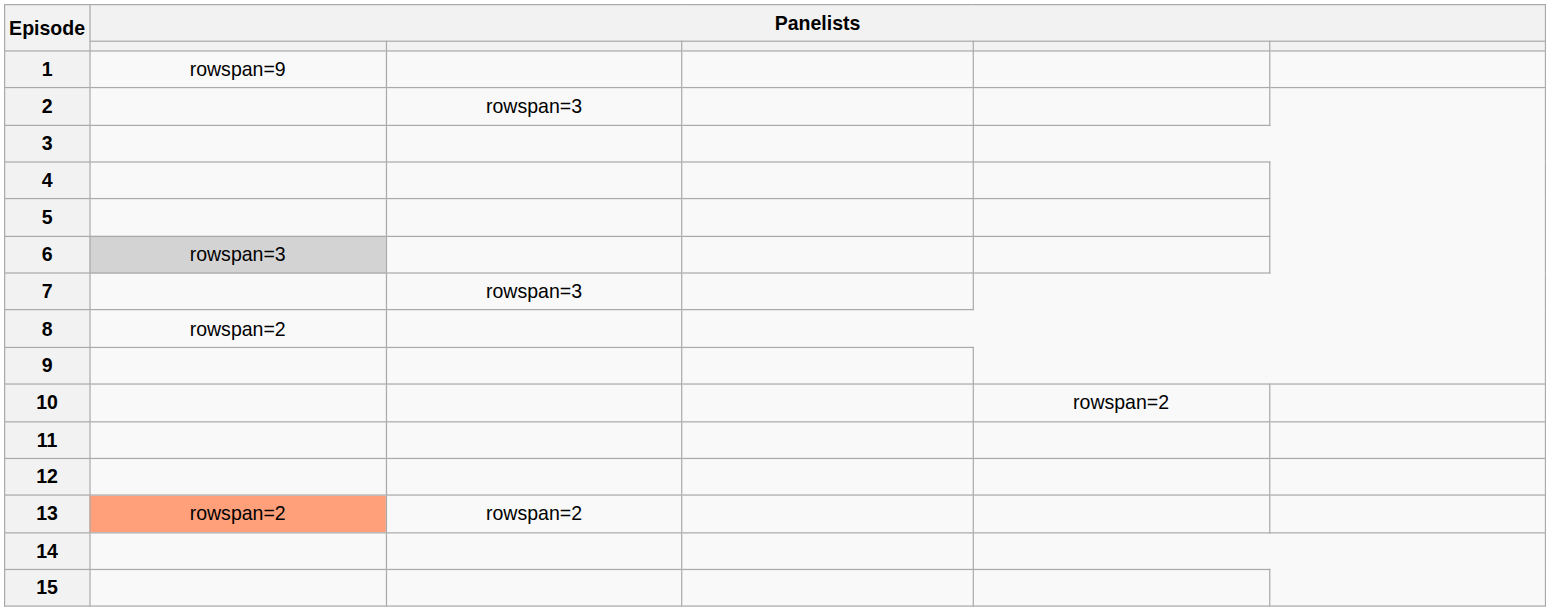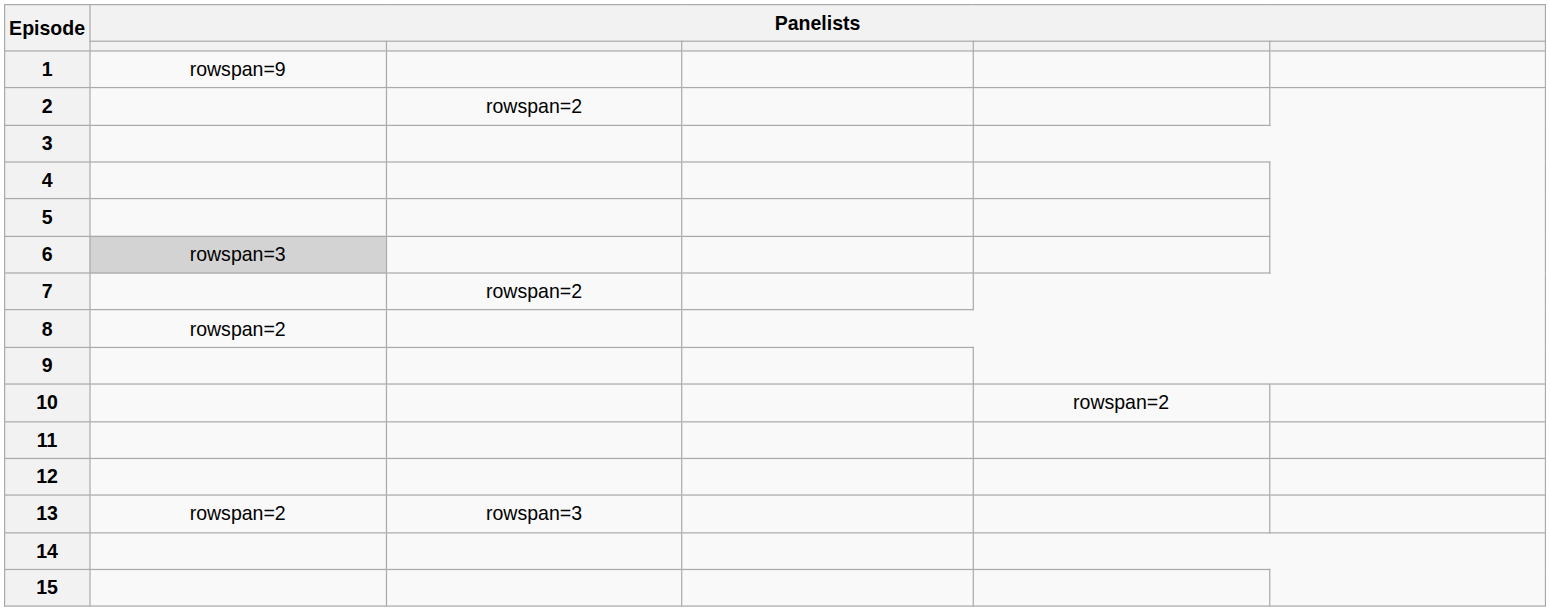 <table class="wikitable plainrowheaders mw-collapsible" style="text-align:center; line-height:23px; width:100%;">
 <tr>
 <th rowspan="2" width="1%">Episode</th>
 <th colspan="5">Panelists</th>
 </tr>
 <tr>
 <th width="20%"></th>
 <th width="20%"></th>
 <th width="20%"></th>
 <th width="20%"></th>
 <th width="20%"></th>
 </tr>
 <tr>
 <th>1</th>
 <td>rowspan=9 </td>
 <td></td>
 <td></td>
 <td></td>
 <td></td>
 </tr>
 <tr>
 <th>2</th>
 <td></td>
-<td>rowspan=3 </td>
+<td>rowspan=2 </td>
 <td></td>
 <td></td>
 </tr>
 <tr>
 <th>3</th>
 <td></td>
 <td></td>
 <td></td>
 </tr>
 <tr>
 <th>4</th>
 <td></td>
 <td></td>
 <td></td>
 <td></td>
 </tr>
 <tr>
 <th>5</th>
 <td></td>
 <td></td>
 <td></td>
 <td></td>
 </tr>
 <tr>
 <th>6</th>
 <td style="background: lightgrey;">rowspan=3 </td>
 <td></td>
 <td></td>
 <td></td>
 </tr>
 <tr>
 <th>7</th>
 <td></td>
-<td>rowspan=3 </td>
+<td>rowspan=2 </td>
 <td></td>
 </tr>
 <tr>
 <th>8</th>
 <td>rowspan=2 </td>
 <td></td>
 </tr>
 <tr>
 <th>9</th>
 <td></td>
 <td></td>
 <td></td>
 </tr>
 <tr>
 <th>10</th>
 <td></td>
 <td></td>
 <td></td>
 <td>rowspan=2 </td>
 <td></td>
 </tr>
 <tr>
 <th>11</th>
 <td></td>
 <td></td>
 <td></td>
 <td></td>
 </tr>
 <tr>
 <th>12</th>
 <td></td>
 <td></td>
 <td></td>
 <td></td>
 <td></td>
 </tr>
 <tr>
 <th>13</th>
-<td style="background: lightsalmon;">rowspan=2 </td>
 <td>rowspan=2 </td>
+<td>rowspan=3 </td>
 <td></td>
 <td></td>
 <td></td>
 </tr>
 <tr>
 <th>14</th>
 <td></td>
 <td></td>
 <td></td>
 </tr>
 <tr>
 <th>15</th>
 <td></td>
 <td></td>
 <td></td>
 <td></td>
 </tr>
 </table>
